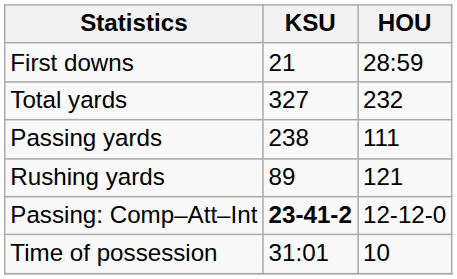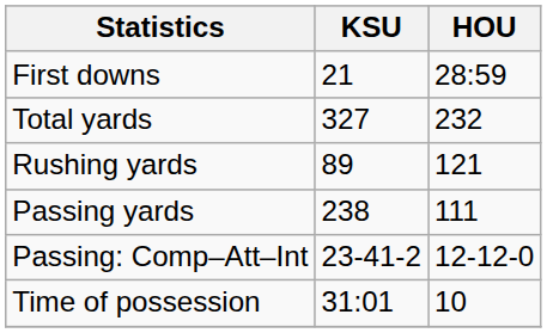 <table class="wikitable" style="float: left;">
 <tr>
 <th>Statistics</th>
 <th>KSU</th>
 <th>HOU</th>
 </tr>
 <tr>
 <td>First downs</td>
 <td>21</td>
 <td>28:59</td>
 </tr>
 <tr>
 <td>Total yards</td>
 <td>327</td>
 <td>232</td>
 </tr>
 <tr>
+<td>Rushing yards</td>
+<td>89</td>
+<td>121</td>
+</tr>
+<tr>
 <td>Passing yards</td>
 <td>238</td>
 <td>111</td>
 </tr>
 <tr>
-<td>Rushing yards</td>
-<td>89</td>
-<td>121</td>
-</tr>
-<tr>
 <td>Passing: Comp–Att–Int</td>
-<td><strong>23-41-2</strong></td>
+<td>23-41-2</td>
 <td>12-12-0</td>
 </tr>
 <tr>
 <td>Time of possession</td>
 <td>31:01</td>
 <td>10</td>
 </tr>
 <tr>
 </tr>
 </table>
